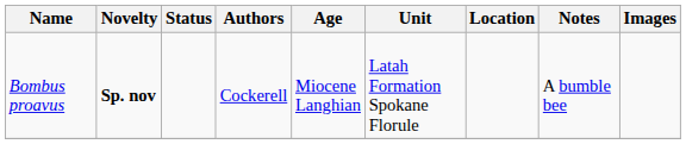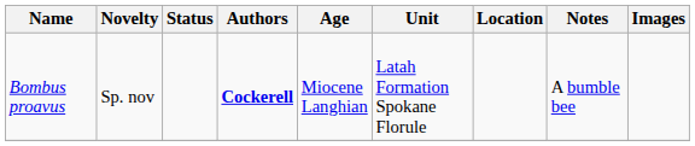 <table class="wikitable sortable" align="center" width="100%">
 <tr>
 <th>Name</th>
 <th>Novelty</th>
 <th>Status</th>
 <th>Authors</th>
 <th>Age</th>
 <th>Unit</th>
 <th>Location</th>
 <th>Notes</th>
 <th>Images</th>
 </tr>
 <tr>
 <td><br><em><a href='#'>Bombus proavus</a></em></td>
-<td><strong><br>Sp. nov</strong></td>
+<td><br>Sp. nov</td>
 <td></td>
-<td><br><a href='#'>Cockerell</a></td>
+<td><strong><br><a href='#'>Cockerell</a></strong></td>
 <td><br><a href='#'>Miocene</a><br><a href='#'>Langhian</a></td>
 <td><br><a href='#'>Latah Formation</a><br>Spokane Florule</td>
 <td><br><br></td>
 <td><br>A <a href='#'>bumble bee</a></td>
 <td></td>
 </tr>
 <tr>
 </tr>
 </table>
